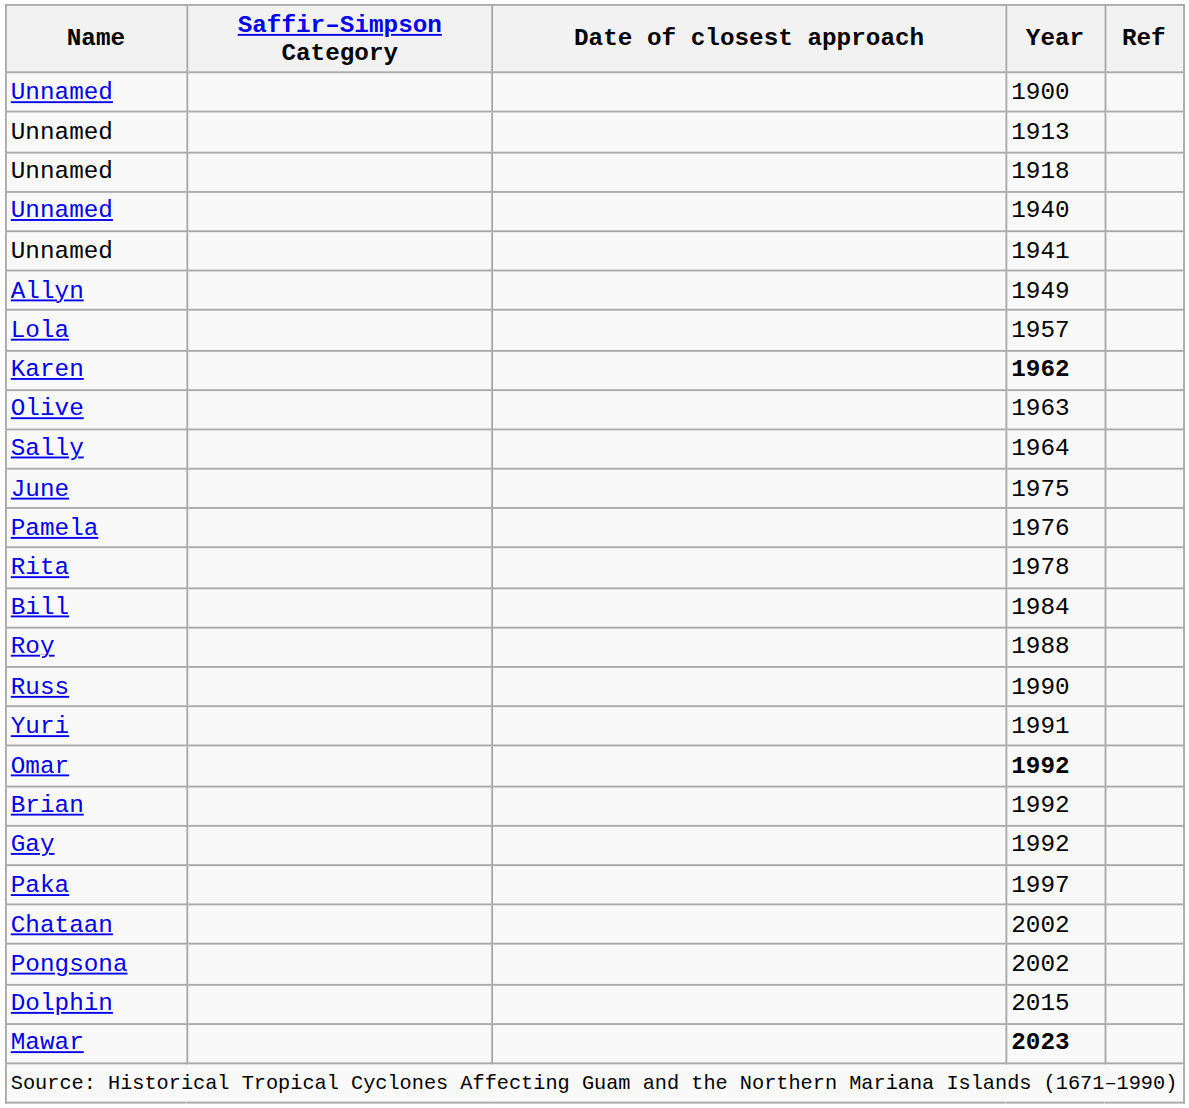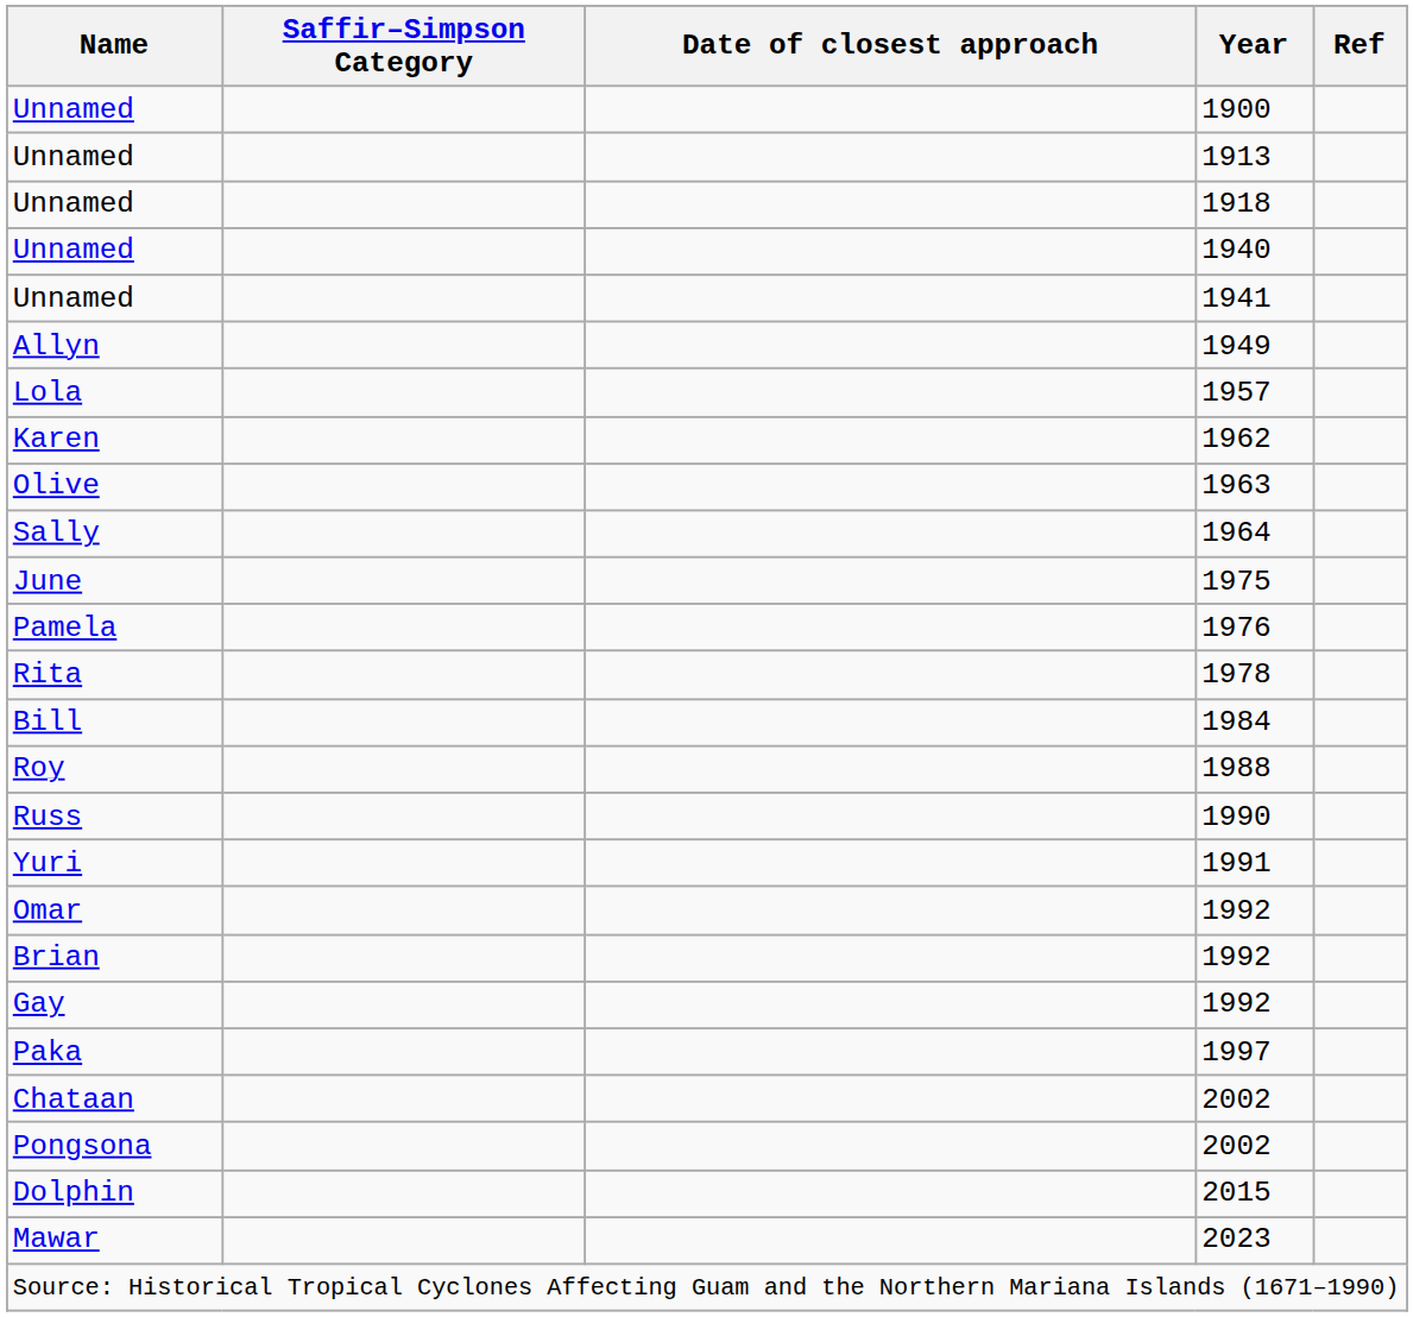 <table class = "wikitable" style="margin:1em auto;">
 <tr>
 <th>Name</th>
 <th><a href='#'>Saffir–Simpson</a><br>Category</th>
 <th>Date of closest approach</th>
 <th>Year</th>
 <th>Ref</th>
 </tr>
 <tr>
 <td><a href='#'>Unnamed</a></td>
 <td></td>
 <td></td>
 <td>1900</td>
 <td></td>
 </tr>
 <tr>
 <td>Unnamed</td>
 <td></td>
 <td></td>
 <td>1913</td>
 <td></td>
 </tr>
 <tr>
 <td>Unnamed</td>
 <td></td>
 <td></td>
 <td>1918</td>
 <td></td>
 </tr>
 <tr>
 <td><a href='#'>Unnamed</a></td>
 <td></td>
 <td></td>
 <td>1940</td>
 <td></td>
 </tr>
 <tr>
 <td>Unnamed</td>
 <td></td>
 <td></td>
 <td>1941</td>
 <td></td>
 </tr>
 <tr>
 <td><a href='#'>Allyn</a></td>
 <td></td>
 <td></td>
 <td>1949</td>
 <td></td>
 </tr>
 <tr>
 <td><a href='#'>Lola</a></td>
 <td></td>
 <td></td>
 <td>1957</td>
 <td></td>
 </tr>
 <tr>
 <td><a href='#'>Karen</a></td>
 <td></td>
 <td></td>
-<td><strong>1962</strong></td>
+<td>1962</td>
 <td></td>
 </tr>
 <tr>
 <td><a href='#'>Olive</a></td>
 <td></td>
 <td></td>
 <td>1963</td>
 <td></td>
 </tr>
 <tr>
 <td><a href='#'>Sally</a></td>
 <td></td>
 <td></td>
 <td>1964</td>
 <td></td>
 </tr>
 <tr>
 <td><a href='#'>June</a></td>
 <td></td>
 <td></td>
 <td>1975</td>
 <td></td>
 </tr>
 <tr>
 <td><a href='#'>Pamela</a></td>
 <td></td>
 <td></td>
 <td>1976</td>
 <td></td>
 </tr>
 <tr>
 <td><a href='#'>Rita</a></td>
 <td></td>
 <td></td>
 <td>1978</td>
 <td></td>
 </tr>
 <tr>
 <td><a href='#'>Bill</a></td>
 <td></td>
 <td></td>
 <td>1984</td>
 <td></td>
 </tr>
 <tr>
 <td><a href='#'>Roy</a></td>
 <td></td>
 <td></td>
 <td>1988</td>
 <td></td>
 </tr>
 <tr>
 <td><a href='#'>Russ</a></td>
 <td></td>
 <td></td>
 <td>1990</td>
 <td></td>
 </tr>
 <tr>
 <td><a href='#'>Yuri</a></td>
 <td></td>
 <td></td>
 <td>1991</td>
 <td></td>
 </tr>
 <tr>
 <td><a href='#'>Omar</a></td>
 <td></td>
 <td></td>
-<td><strong>1992</strong></td>
+<td>1992</td>
 <td></td>
 </tr>
 <tr>
 <td><a href='#'>Brian</a></td>
 <td></td>
 <td></td>
 <td>1992</td>
 <td></td>
 </tr>
 <tr>
 <td><a href='#'>Gay</a></td>
 <td></td>
 <td></td>
 <td>1992</td>
 <td></td>
 </tr>
 <tr>
 <td><a href='#'>Paka</a></td>
 <td></td>
 <td></td>
 <td>1997</td>
 <td></td>
 </tr>
 <tr>
 <td><a href='#'>Chataan</a></td>
 <td></td>
 <td></td>
 <td>2002</td>
 <td></td>
 </tr>
 <tr>
 <td><a href='#'>Pongsona</a></td>
 <td></td>
 <td></td>
 <td>2002</td>
 <td></td>
 </tr>
 <tr>
 <td><a href='#'>Dolphin</a></td>
 <td></td>
 <td></td>
 <td>2015</td>
 <td></td>
 </tr>
 <tr>
 <td><a href='#'>Mawar</a></td>
 <td></td>
 <td></td>
-<td><strong>2023</strong></td>
+<td>2023</td>
 <td></td>
 </tr>
 <tr>
 <td colspan="9"><small>Source: Historical Tropical Cyclones Affecting Guam and the Northern Mariana Islands (1671–1990)</small></td>
 </tr>
 </table>
